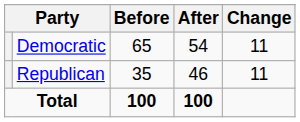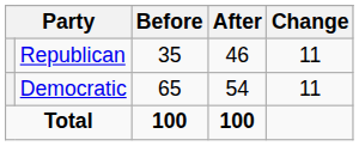 <table class="wikitable" style="text-align:center;">
 <tr>
 </tr>
 <tr>
 <th colspan=2>Party</th>
 <th>Before</th>
 <th>After</th>
 <th>Change</th>
 </tr>
 <tr>
 <th style="background-color:"></th>
-<td style="text-align:left;"><a href='#'>Democratic</a></td>
-<td>65</td>
-<td>54</td>
+<td style="text-align:left;"><a href='#'>Republican</a></td>
+<td>35</td>
+<td>46</td>
 <td> 11</td>
 </tr>
 <tr>
 <th style="background-color:"></th>
-<td style="text-align:left;"><a href='#'>Republican</a></td>
-<td>35</td>
-<td>46</td>
+<td style="text-align:left;"><a href='#'>Democratic</a></td>
+<td>65</td>
+<td>54</td>
 <td> 11</td>
 </tr>
 <tr>
 <td colspan=2><strong>Total</strong></td>
 <td><strong>100</strong></td>
 <td><strong>100</strong></td>
 <td></td>
 </tr>
 </table>
